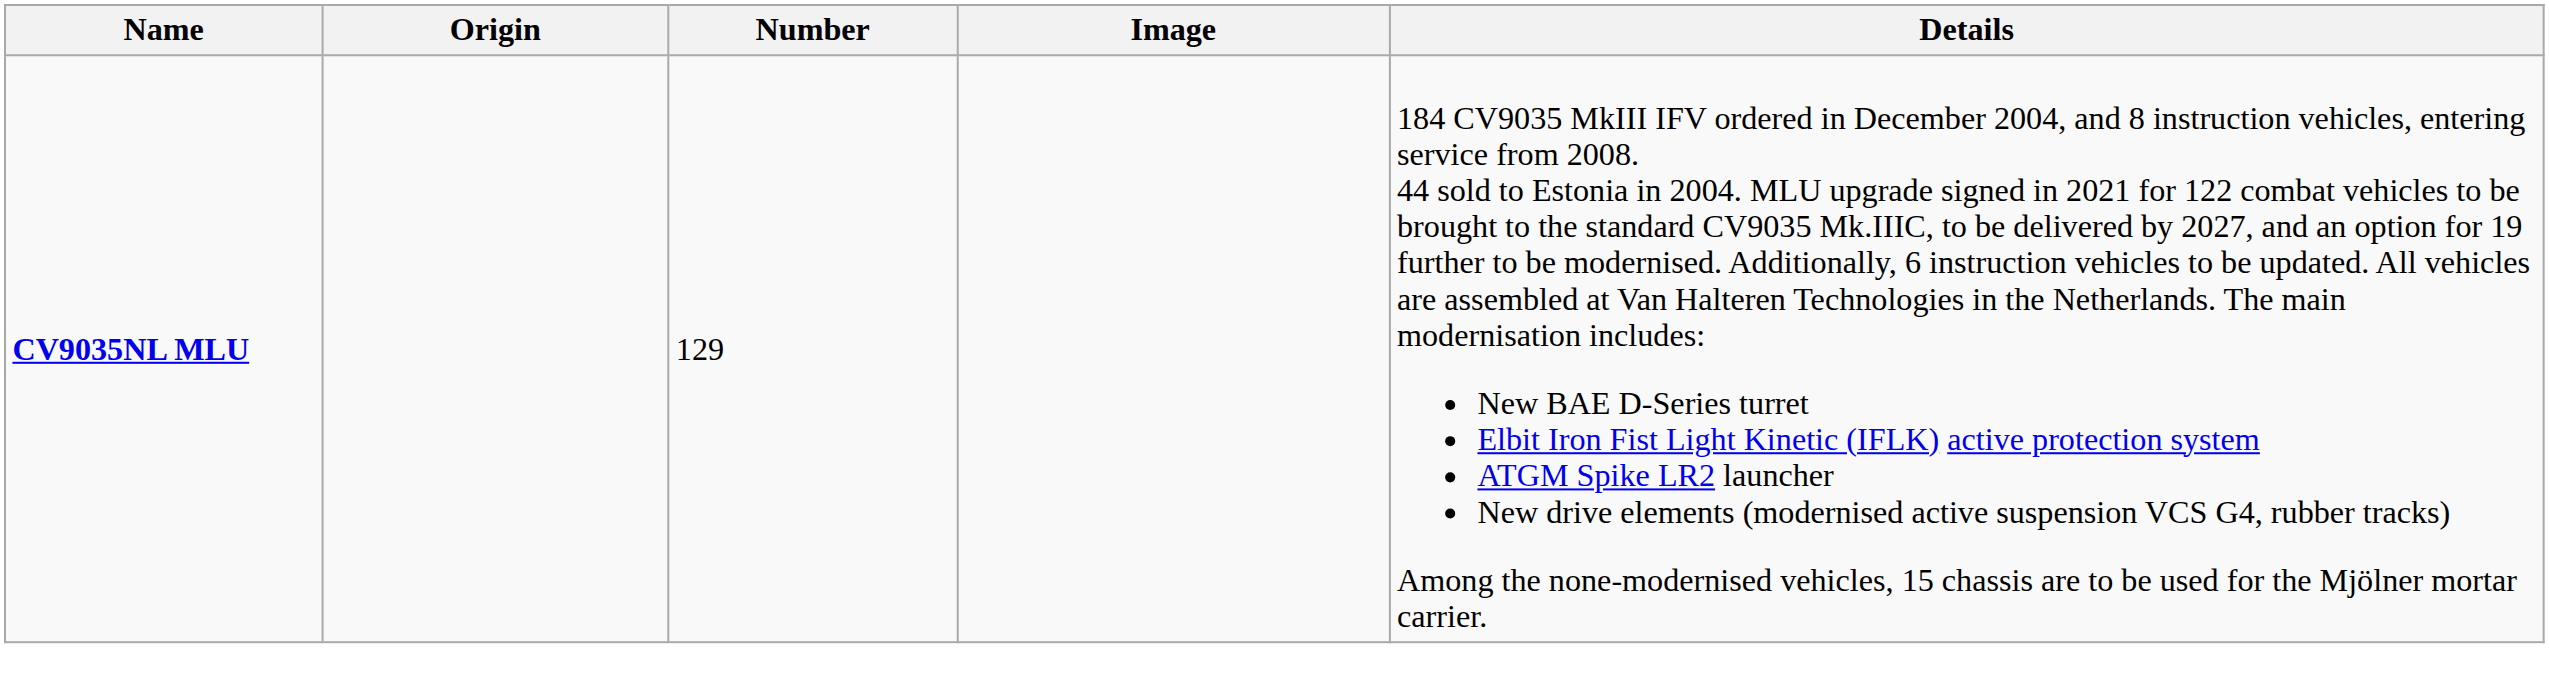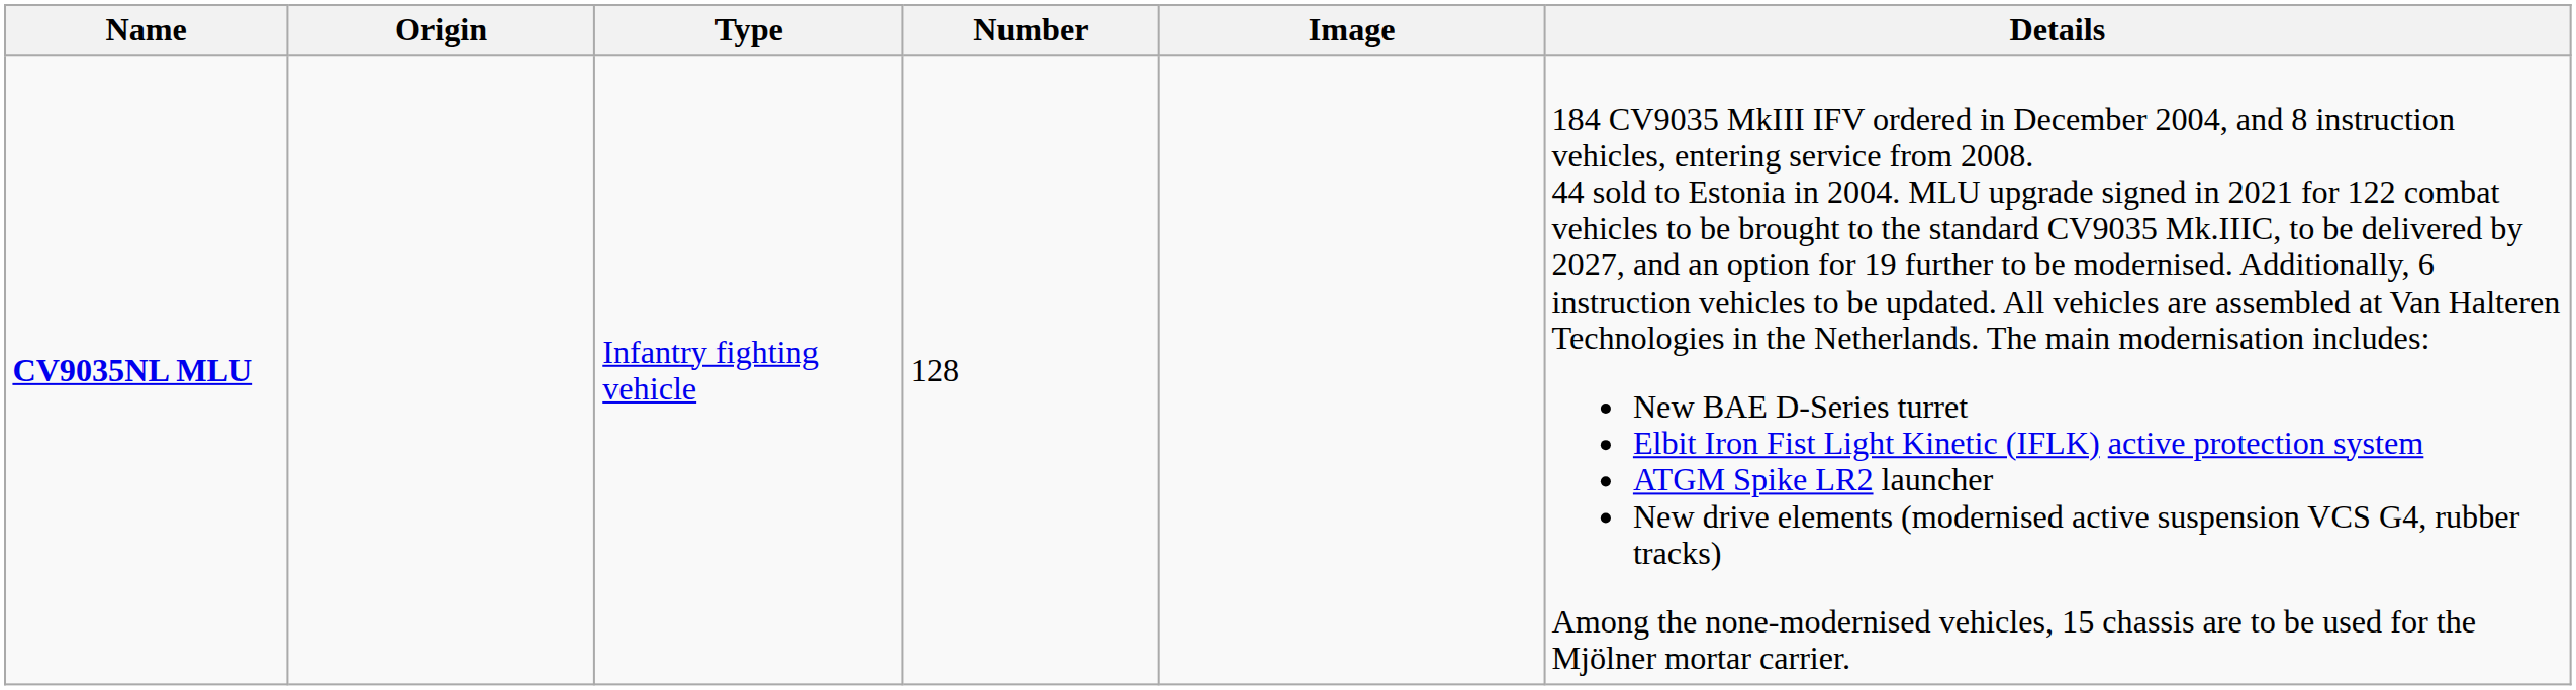 <table class="wikitable" style="margin:auto; width:100%;">
 <tr>
 <th style="text-align: center; width:11%;">Name</th>
 <th style="text-align: center; width:12%;">Origin</th>
+<th style="text-align: center; width:12%;">Type</th>
 <th style="text-align: center; width:10%;">Number</th>
 <th style="text-align: center; width:15%;">Image</th>
 <th style="text-align: center; width:40%;">Details</th>
 </tr>
 <tr>
 <td><strong><a href='#'>CV9035NL MLU</a></strong></td>
 <td><small></small></td>
-<td>129</td>
+<td><a href='#'>Infantry fighting vehicle</a></td>
+<td>128</td>
 <td></td>
 <td><br>184 CV9035 MkIII IFV ordered in December 2004, and 8 instruction vehicles, entering service from 2008.<br>44 sold to Estonia in 2004. MLU upgrade signed in 2021 for 122 combat vehicles to be brought to the standard CV9035 Mk.IIIC, to be delivered by 2027, and an option for 19 further to be modernised. Additionally, 6 instruction vehicles to be updated. All vehicles are assembled at Van Halteren Technologies in the Netherlands. The main modernisation includes:<ul><li>New BAE D-Series turret</li><li><a href='#'>Elbit Iron Fist Light Kinetic (IFLK)</a> <a href='#'>active protection system</a></li><li><a href='#'>ATGM Spike LR2</a> launcher</li><li>New drive elements (modernised active suspension VCS G4, rubber tracks)</li></ul>Among the none-modernised vehicles, 15 chassis are to be used for the Mjölner mortar carrier.</td>
 </tr>
 </table>
